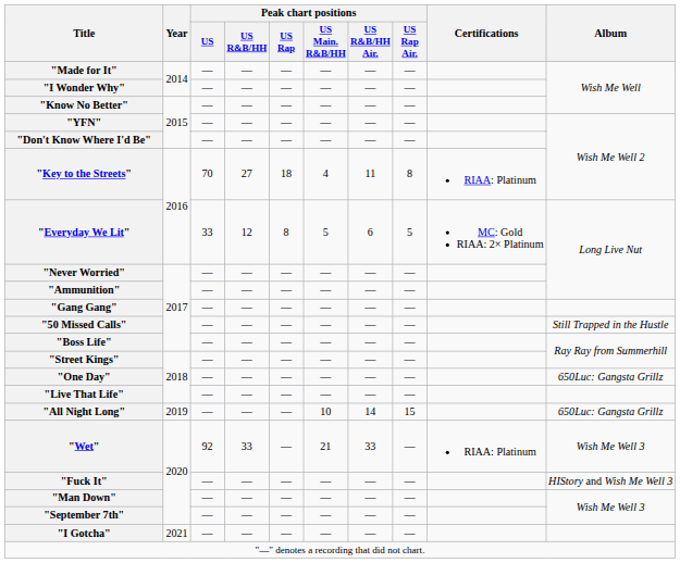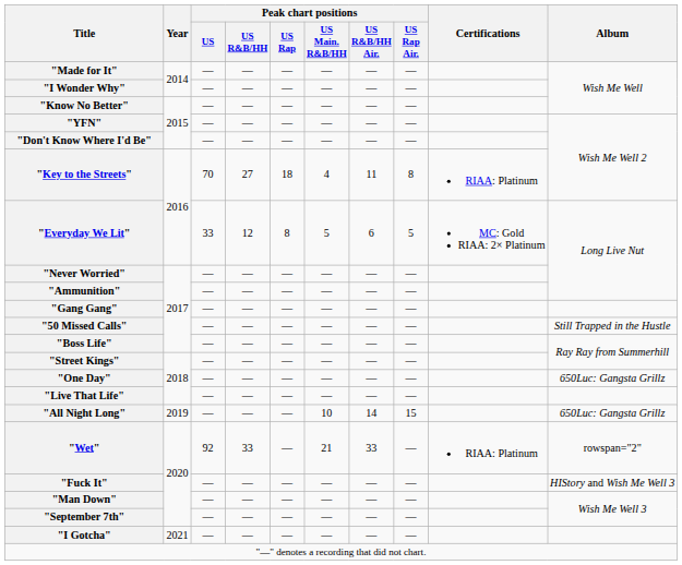 <table class="wikitable plainrowheaders" style="text-align:center;">
 <tr>
 <th scope="col" rowspan="2" style="width:14em;">Title</th>
 <th scope="col" rowspan="2">Year</th>
 <th scope="col" colspan="6">Peak chart positions</th>
 <th scope="col" rowspan="2">Certifications</th>
 <th scope="col" rowspan="2">Album</th>
 </tr>
 <tr>
 <th scope="col" style="width:3em;font-size:90%;"><a href='#'>US</a><br></th>
 <th scope="col" style="width:3em;font-size:90%;"><a href='#'>US R&B/HH</a><br></th>
 <th scope="col" style="width:3em;font-size:90%;"><a href='#'>US Rap</a><br></th>
 <th scope="col" style="width:3em;font-size:90%;"><a href='#'>US<br>Main.<br>R&B/HH</a><br></th>
 <th scope="col" style="width:3em;font-size:90%;"><a href='#'>US<br>R&B/HH<br>Air.</a><br></th>
 <th scope="col" style="width:3em;font-size:90%;"><a href='#'>US<br>Rap<br>Air.</a><br></th>
 </tr>
 <tr>
 <th scope="row">"Made for It"<br></th>
 <td rowspan="2">2014</td>
 <td>—</td>
 <td>—</td>
 <td>—</td>
 <td>—</td>
 <td>—</td>
 <td>—</td>
 <td></td>
 <td rowspan="3"><em>Wish Me Well</em></td>
 </tr>
 <tr>
 <th scope="row">"I Wonder Why"<br></th>
 <td>—</td>
 <td>—</td>
 <td>—</td>
 <td>—</td>
 <td>—</td>
 <td>—</td>
 <td></td>
 </tr>
 <tr>
 <th scope="row">"Know No Better"</th>
 <td rowspan="3">2015</td>
 <td>—</td>
 <td>—</td>
 <td>—</td>
 <td>—</td>
 <td>—</td>
 <td>—</td>
 <td></td>
 </tr>
 <tr>
 <th scope="row">"YFN"</th>
 <td>—</td>
 <td>—</td>
 <td>—</td>
 <td>—</td>
 <td>—</td>
 <td>—</td>
 <td></td>
 <td rowspan="3"><em>Wish Me Well 2</em></td>
 </tr>
 <tr>
 <th scope="row">"Don't Know Where I'd Be"<br></th>
 <td>—</td>
 <td>—</td>
 <td>—</td>
 <td>—</td>
 <td>—</td>
 <td>—</td>
 <td></td>
 </tr>
 <tr>
 <th scope="row">"<a href='#'>Key to the Streets</a>"<br></th>
 <td rowspan="2">2016</td>
 <td>70</td>
 <td>27</td>
 <td>18</td>
 <td>4</td>
 <td>11</td>
 <td>8</td>
 <td><br><ul><li><a href='#'>RIAA</a>: Platinum</li></ul></td>
 </tr>
 <tr>
 <th scope="row">"<a href='#'>Everyday We Lit</a>"<br></th>
 <td>33</td>
 <td>12</td>
 <td>8</td>
 <td>5</td>
 <td>6</td>
 <td>5</td>
 <td><br><ul><li><a href='#'>MC</a>: Gold</li><li>RIAA: 2× Platinum</li></ul></td>
 <td rowspan="3"><em>Long Live Nut</em></td>
 </tr>
 <tr>
 <th scope="row">"Never Worried"</th>
 <td rowspan="5">2017</td>
 <td>—</td>
 <td>—</td>
 <td>—</td>
 <td>—</td>
 <td>—</td>
 <td>—</td>
 <td></td>
 </tr>
 <tr>
 <th scope="row">"Ammunition"<br></th>
 <td>—</td>
 <td>—</td>
 <td>—</td>
 <td>—</td>
 <td>—</td>
 <td>—</td>
 <td></td>
 </tr>
 <tr>
 <th scope="row">"Gang Gang"<br></th>
 <td>—</td>
 <td>—</td>
 <td>—</td>
 <td>—</td>
 <td>—</td>
 <td>—</td>
 <td></td>
 <td></td>
 </tr>
 <tr>
 <th scope="row">"50 Missed Calls"<br></th>
 <td>—</td>
 <td>—</td>
 <td>—</td>
 <td>—</td>
 <td>—</td>
 <td>—</td>
 <td></td>
 <td><em>Still Trapped in the Hustle</em></td>
 </tr>
 <tr>
 <th scope="row">"Boss Life"<br></th>
 <td>—</td>
 <td>—</td>
 <td>—</td>
 <td>—</td>
 <td>—</td>
 <td>—</td>
 <td></td>
 <td rowspan="2"><em>Ray Ray from Summerhill</em></td>
 </tr>
 <tr>
 <th scope="row">"Street Kings"<br></th>
 <td rowspan="3">2018</td>
 <td>—</td>
 <td>—</td>
 <td>—</td>
 <td>—</td>
 <td>—</td>
 <td>—</td>
 <td></td>
 </tr>
 <tr>
 <th scope="row">"One Day"<br></th>
 <td>—</td>
 <td>—</td>
 <td>—</td>
 <td>—</td>
 <td>—</td>
 <td>—</td>
 <td></td>
 <td><em>650Luc: Gangsta Grillz</em></td>
 </tr>
 <tr>
 <th scope="row">"Live That Life"<br></th>
 <td>—</td>
 <td>—</td>
 <td>—</td>
 <td>—</td>
 <td>—</td>
 <td>—</td>
 <td></td>
 </tr>
 <tr>
 <th scope="row">"All Night Long"<br></th>
 <td>2019</td>
 <td>—</td>
 <td>—</td>
 <td>—</td>
 <td>10</td>
 <td>14</td>
 <td>15</td>
 <td></td>
 <td><em>650Luc: Gangsta Grillz</em></td>
 </tr>
 <tr>
 <th scope="row">"<a href='#'>Wet</a>"</th>
 <td rowspan="4">2020</td>
 <td>92</td>
 <td>33</td>
 <td>—</td>
 <td>21</td>
 <td>33</td>
 <td>—</td>
 <td><br><ul><li>RIAA: Platinum</li></ul></td>
-<td><em>Wish Me Well 3</em></td>
+<td>rowspan="2" </td>
 </tr>
 <tr>
 <th scope="row">"Fuck It"<br></th>
 <td>—</td>
 <td>—</td>
 <td>—</td>
 <td>—</td>
 <td>—</td>
 <td>—</td>
 <td></td>
 <td><em>HIStory</em> and <em>Wish Me Well 3</em></td>
 </tr>
 <tr>
 <th scope="row">"Man Down"</th>
 <td>—</td>
 <td>—</td>
 <td>—</td>
 <td>—</td>
 <td>—</td>
 <td>—</td>
 <td></td>
 <td rowspan="2"><em>Wish Me Well 3</em></td>
 </tr>
 <tr>
 <th scope="row">"September 7th"</th>
 <td>—</td>
 <td>—</td>
 <td>—</td>
 <td>—</td>
 <td>—</td>
 <td>—</td>
 <td></td>
 </tr>
 <tr>
 <th scope="row">"I Gotcha"</th>
 <td>2021</td>
 <td>—</td>
 <td>—</td>
 <td>—</td>
 <td>—</td>
 <td>—</td>
 <td>—</td>
 <td></td>
 <td></td>
 </tr>
 <tr>
 <td colspan="10" style="font-size:90%">"—" denotes a recording that did not chart.</td>
 </tr>
 </table>
